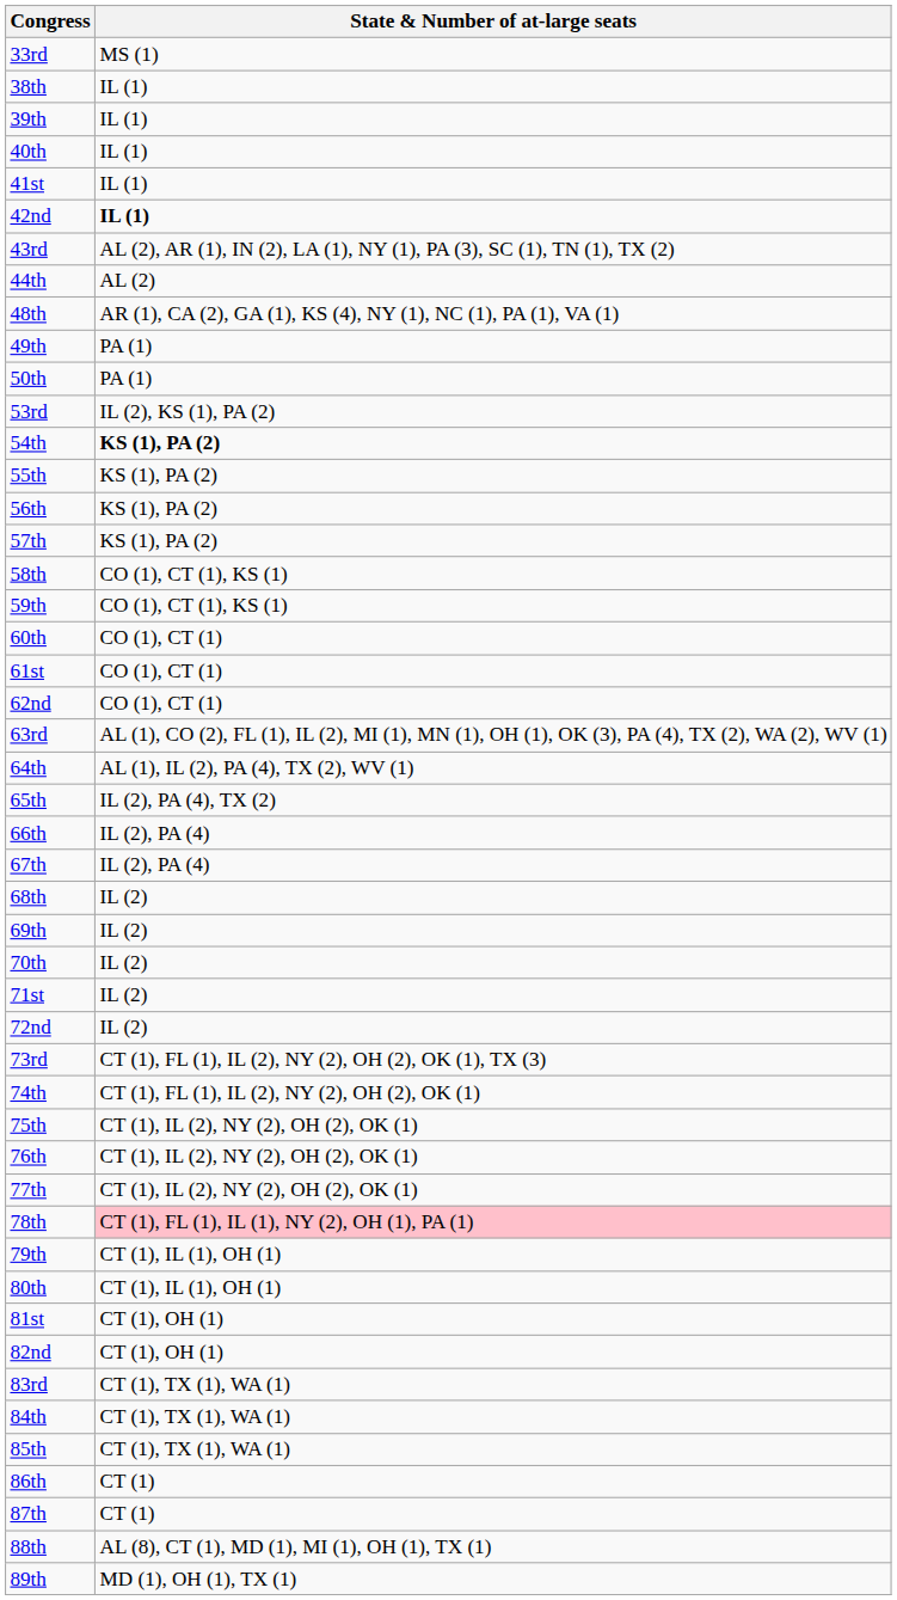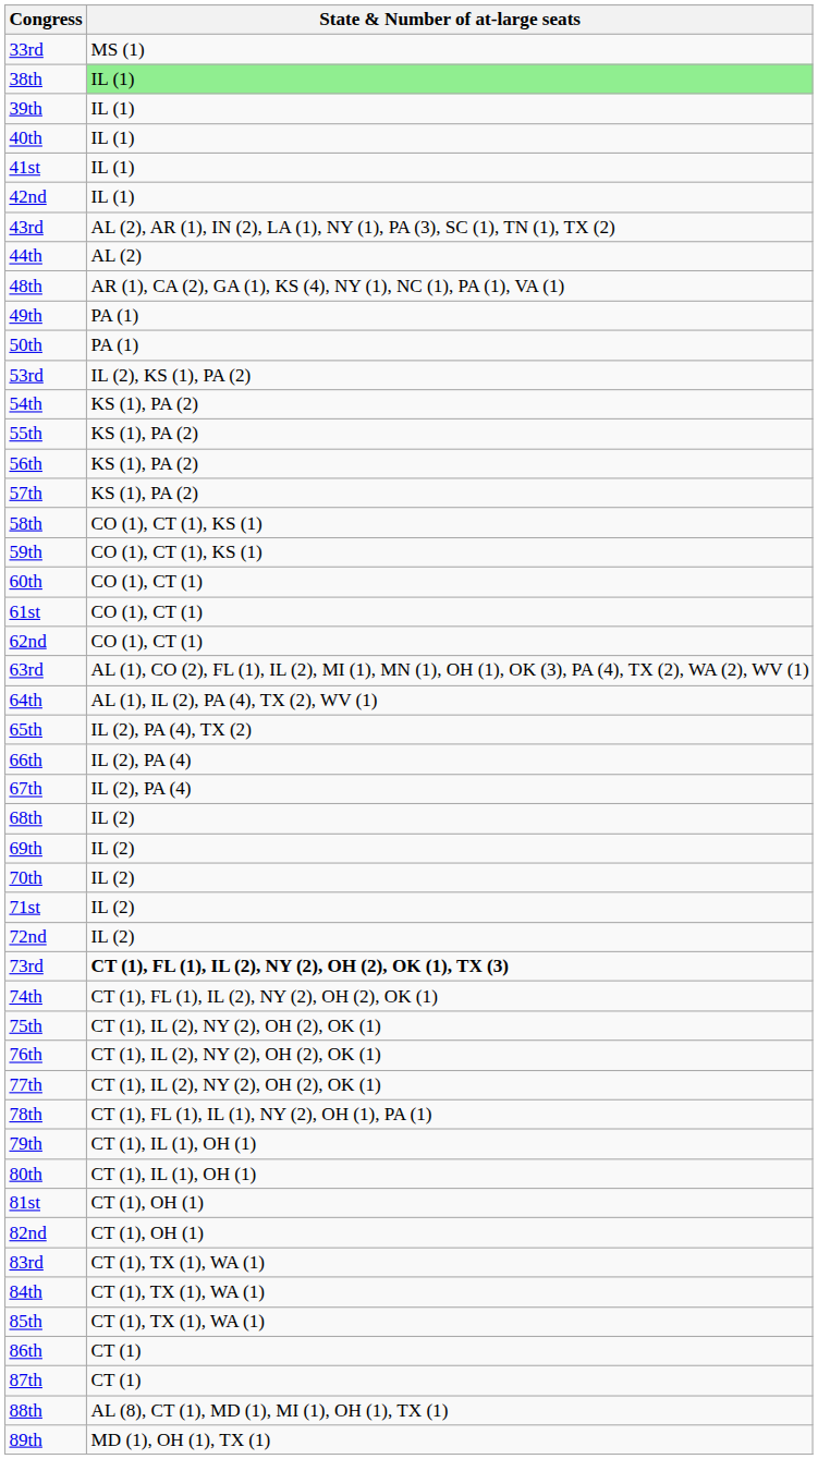 <table class=wikitable>
 <tr>
 <th>Congress</th>
 <th>State & Number of at-large seats</th>
 </tr>
 <tr>
 <td><a href='#'>33rd</a></td>
 <td>MS (1)</td>
 </tr>
 <tr>
 <td><a href='#'>38th</a></td>
-<td>IL (1)</td>
+<td style="background: lightgreen;">IL (1)</td>
 </tr>
 <tr>
 <td><a href='#'>39th</a></td>
 <td>IL (1)</td>
 </tr>
 <tr>
 <td><a href='#'>40th</a></td>
 <td>IL (1)</td>
 </tr>
 <tr>
 <td><a href='#'>41st</a></td>
 <td>IL (1)</td>
 </tr>
 <tr>
 <td><a href='#'>42nd</a></td>
-<td><strong>IL (1)</strong></td>
+<td>IL (1)</td>
 </tr>
 <tr>
 <td><a href='#'>43rd</a></td>
 <td>AL (2), AR (1), IN (2), LA (1), NY (1), PA (3), SC (1), TN (1), TX (2)</td>
 </tr>
 <tr>
 <td><a href='#'>44th</a></td>
 <td>AL (2)</td>
 </tr>
 <tr>
 <td><a href='#'>48th</a></td>
 <td>AR (1), CA (2), GA (1), KS (4), NY (1), NC (1), PA (1), VA (1)</td>
 </tr>
 <tr>
 <td><a href='#'>49th</a></td>
 <td>PA (1)</td>
 </tr>
 <tr>
 <td><a href='#'>50th</a></td>
 <td>PA (1)</td>
 </tr>
 <tr>
 <td><a href='#'>53rd</a></td>
 <td>IL (2), KS (1), PA (2)</td>
 </tr>
 <tr>
 <td><a href='#'>54th</a></td>
-<td><strong>KS (1), PA (2)</strong></td>
+<td>KS (1), PA (2)</td>
 </tr>
 <tr>
 <td><a href='#'>55th</a></td>
 <td>KS (1), PA (2)</td>
 </tr>
 <tr>
 <td><a href='#'>56th</a></td>
 <td>KS (1), PA (2)</td>
 </tr>
 <tr>
 <td><a href='#'>57th</a></td>
 <td>KS (1), PA (2)</td>
 </tr>
 <tr>
 <td><a href='#'>58th</a></td>
 <td>CO (1), CT (1), KS (1)</td>
 </tr>
 <tr>
 <td><a href='#'>59th</a></td>
 <td>CO (1), CT (1), KS (1)</td>
 </tr>
 <tr>
 <td><a href='#'>60th</a></td>
 <td>CO (1), CT (1)</td>
 </tr>
 <tr>
 <td><a href='#'>61st</a></td>
 <td>CO (1), CT (1)</td>
 </tr>
 <tr>
 <td><a href='#'>62nd</a></td>
 <td>CO (1), CT (1)</td>
 </tr>
 <tr>
 <td><a href='#'>63rd</a></td>
 <td>AL (1), CO (2), FL (1), IL (2), MI (1), MN (1), OH (1), OK (3), PA (4), TX (2), WA (2), WV (1)</td>
 </tr>
 <tr>
 <td><a href='#'>64th</a></td>
 <td>AL (1), IL (2), PA (4), TX (2), WV (1)</td>
 </tr>
 <tr>
 <td><a href='#'>65th</a></td>
 <td>IL (2), PA (4), TX (2)</td>
 </tr>
 <tr>
 <td><a href='#'>66th</a></td>
 <td>IL (2), PA (4)</td>
 </tr>
 <tr>
 <td><a href='#'>67th</a></td>
 <td>IL (2), PA (4)</td>
 </tr>
 <tr>
 <td><a href='#'>68th</a></td>
 <td>IL (2)</td>
 </tr>
 <tr>
 <td><a href='#'>69th</a></td>
 <td>IL (2)</td>
 </tr>
 <tr>
 <td><a href='#'>70th</a></td>
 <td>IL (2)</td>
 </tr>
 <tr>
 <td><a href='#'>71st</a></td>
 <td>IL (2)</td>
 </tr>
 <tr>
 <td><a href='#'>72nd</a></td>
 <td>IL (2)</td>
 </tr>
 <tr>
 <td><a href='#'>73rd</a></td>
-<td>CT (1), FL (1), IL (2), NY (2), OH (2), OK (1), TX (3)</td>
+<td><strong>CT (1), FL (1), IL (2), NY (2), OH (2), OK (1), TX (3)</strong></td>
 </tr>
 <tr>
 <td><a href='#'>74th</a></td>
 <td>CT (1), FL (1), IL (2), NY (2), OH (2), OK (1)</td>
 </tr>
 <tr>
 <td><a href='#'>75th</a></td>
 <td>CT (1), IL (2), NY (2), OH (2), OK (1)</td>
 </tr>
 <tr>
 <td><a href='#'>76th</a></td>
 <td>CT (1), IL (2), NY (2), OH (2), OK (1)</td>
 </tr>
 <tr>
 <td><a href='#'>77th</a></td>
 <td>CT (1), IL (2), NY (2), OH (2), OK (1)</td>
 </tr>
 <tr>
 <td><a href='#'>78th</a></td>
-<td style="background: pink;">CT (1), FL (1), IL (1), NY (2), OH (1), PA (1)</td>
+<td>CT (1), FL (1), IL (1), NY (2), OH (1), PA (1)</td>
 </tr>
 <tr>
 <td><a href='#'>79th</a></td>
 <td>CT (1), IL (1), OH (1)</td>
 </tr>
 <tr>
 <td><a href='#'>80th</a></td>
 <td>CT (1), IL (1), OH (1)</td>
 </tr>
 <tr>
 <td><a href='#'>81st</a></td>
 <td>CT (1), OH (1)</td>
 </tr>
 <tr>
 <td><a href='#'>82nd</a></td>
 <td>CT (1), OH (1)</td>
 </tr>
 <tr>
 <td><a href='#'>83rd</a></td>
 <td>CT (1), TX (1), WA (1)</td>
 </tr>
 <tr>
 <td><a href='#'>84th</a></td>
 <td>CT (1), TX (1), WA (1)</td>
 </tr>
 <tr>
 <td><a href='#'>85th</a></td>
 <td>CT (1), TX (1), WA (1)</td>
 </tr>
 <tr>
 <td><a href='#'>86th</a></td>
 <td>CT (1)</td>
 </tr>
 <tr>
 <td><a href='#'>87th</a></td>
 <td>CT (1)</td>
 </tr>
 <tr>
 <td><a href='#'>88th</a></td>
 <td>AL (8), CT (1), MD (1), MI (1), OH (1), TX (1)</td>
 </tr>
 <tr>
 <td><a href='#'>89th</a></td>
 <td>MD (1), OH (1), TX (1)</td>
 </tr>
 </table>
